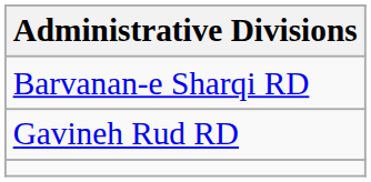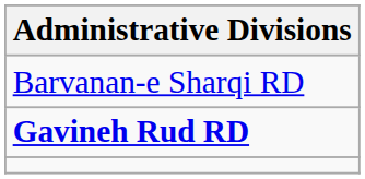 <table class="wikitable">
 <tr>
 <th>Administrative Divisions</th>
 </tr>
 <tr>
 <td><a href='#'>Barvanan-e Sharqi RD</a></td>
 </tr>
 <tr>
-<td><a href='#'>Gavineh Rud RD</a></td>
+<td><strong><a href='#'>Gavineh Rud RD</a></strong></td>
 </tr>
 <tr>
 <td colspan=1></td>
 </tr>
 </table>
